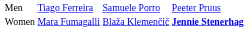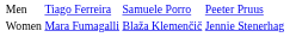 <table>
 <tr>
 <td align="left">Men</td>
 <td> <a href='#'>Tiago Ferreira</a></td>
 <td> <a href='#'>Samuele Porro</a></td>
 <td> <a href='#'>Peeter Pruus</a></td>
 </tr>
 <tr>
 <td align="left">Women</td>
 <td> <a href='#'>Mara Fumagalli</a></td>
 <td> <a href='#'>Blaža Klemenčič</a></td>
-<td><strong> <a href='#'>Jennie Stenerhag</a></strong></td>
+<td> <a href='#'>Jennie Stenerhag</a></td>
 </tr>
 </table>
